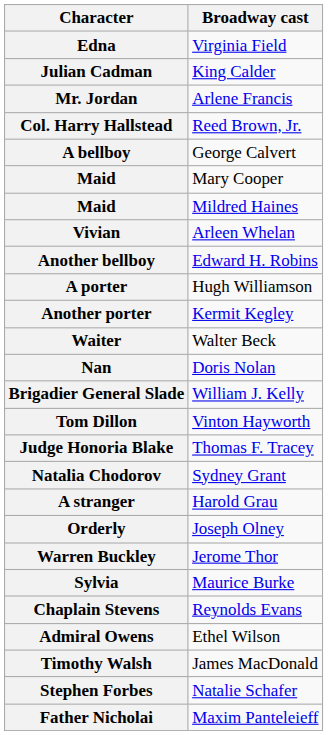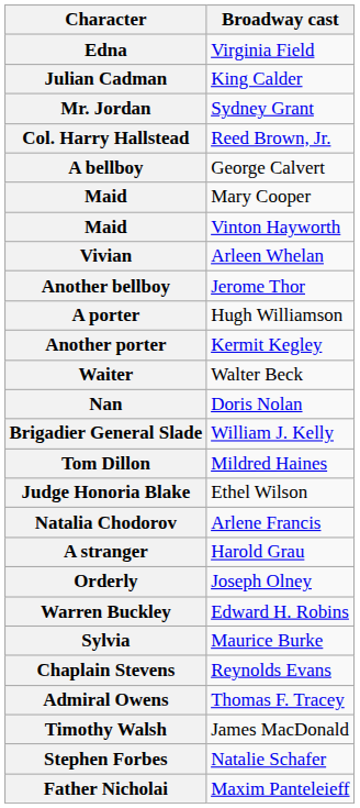 <table class="wikitable plainrowheaders">
 <tr>
 <th scope="col">Character</th>
 <th scope="col">Broadway cast</th>
 </tr>
 <tr>
 <th scope="row">Edna</th>
 <td><a href='#'>Virginia Field</a></td>
 </tr>
 <tr>
 <th scope="row">Julian Cadman</th>
 <td><a href='#'>King Calder</a></td>
 </tr>
 <tr>
 <th scope="row">Mr. Jordan</th>
-<td><a href='#'>Arlene Francis</a></td>
+<td><a href='#'>Sydney Grant</a></td>
 </tr>
 <tr>
 <th scope="row">Col. Harry Hallstead</th>
 <td><a href='#'>Reed Brown, Jr.</a></td>
 </tr>
 <tr>
 <th scope="row">A bellboy</th>
 <td>George Calvert</td>
 </tr>
 <tr>
 <th scope="row">Maid</th>
 <td>Mary Cooper</td>
 </tr>
 <tr>
 <th scope="row">Maid</th>
-<td><a href='#'>Mildred Haines</a></td>
+<td><a href='#'>Vinton Hayworth</a></td>
 </tr>
 <tr>
 <th scope="row">Vivian</th>
 <td><a href='#'>Arleen Whelan</a></td>
 </tr>
 <tr>
 <th scope="row">Another bellboy</th>
-<td><a href='#'>Edward H. Robins</a></td>
+<td><a href='#'>Jerome Thor</a></td>
 </tr>
 <tr>
 <th scope="row">A porter</th>
 <td>Hugh Williamson</td>
 </tr>
 <tr>
 <th scope="row">Another porter</th>
 <td><a href='#'>Kermit Kegley</a></td>
 </tr>
 <tr>
 <th scope="row">Waiter</th>
 <td>Walter Beck</td>
 </tr>
 <tr>
 <th scope="row">Nan</th>
 <td><a href='#'>Doris Nolan</a></td>
 </tr>
 <tr>
 <th scope="row">Brigadier General Slade</th>
 <td><a href='#'>William J. Kelly</a></td>
 </tr>
 <tr>
 <th scope="row">Tom Dillon</th>
-<td><a href='#'>Vinton Hayworth</a></td>
+<td><a href='#'>Mildred Haines</a></td>
 </tr>
 <tr>
 <th scope="row">Judge Honoria Blake</th>
-<td><a href='#'>Thomas F. Tracey</a></td>
+<td>Ethel Wilson</td>
 </tr>
 <tr>
 <th scope="row">Natalia Chodorov</th>
-<td><a href='#'>Sydney Grant</a></td>
+<td><a href='#'>Arlene Francis</a></td>
 </tr>
 <tr>
 <th scope="row">A stranger</th>
 <td><a href='#'>Harold Grau</a></td>
 </tr>
 <tr>
 <th scope="row">Orderly</th>
 <td><a href='#'>Joseph Olney</a></td>
 </tr>
 <tr>
 <th scope="row">Warren Buckley</th>
-<td><a href='#'>Jerome Thor</a></td>
+<td><a href='#'>Edward H. Robins</a></td>
 </tr>
 <tr>
 <th scope="row">Sylvia</th>
 <td><a href='#'>Maurice Burke</a></td>
 </tr>
 <tr>
 <th scope="row">Chaplain Stevens</th>
 <td><a href='#'>Reynolds Evans</a></td>
 </tr>
 <tr>
 <th scope="row">Admiral Owens</th>
-<td>Ethel Wilson</td>
+<td><a href='#'>Thomas F. Tracey</a></td>
 </tr>
 <tr>
 <th scope="row">Timothy Walsh</th>
 <td>James MacDonald</td>
 </tr>
 <tr>
 <th scope="row">Stephen Forbes</th>
 <td><a href='#'>Natalie Schafer</a></td>
 </tr>
 <tr>
 <th scope="row">Father Nicholai</th>
 <td><a href='#'>Maxim Panteleieff</a></td>
 </tr>
 </table>
